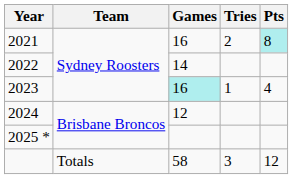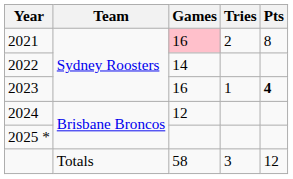 <table class="wikitable">
 <tr>
 <th>Year</th>
 <th>Team</th>
 <th>Games</th>
 <th>Tries</th>
 <th>Pts</th>
 </tr>
 <tr>
 <td>2021</td>
 <td rowspan="3"> <a href='#'>Sydney Roosters</a></td>
-<td>16</td>
+<td style="background: pink;">16</td>
 <td>2</td>
-<td style="background: paleturquoise;">8</td>
+<td>8</td>
 </tr>
 <tr>
 <td>2022</td>
 <td>14</td>
 <td></td>
 <td></td>
 </tr>
 <tr>
 <td>2023</td>
-<td style="background: paleturquoise;">16</td>
+<td>16</td>
 <td>1</td>
-<td>4</td>
+<td><strong>4</strong></td>
 </tr>
 <tr>
 <td>2024</td>
 <td rowspan="2"> <a href='#'>Brisbane Broncos</a></td>
 <td>12</td>
 <td></td>
 <td></td>
 </tr>
 <tr>
 <td>2025 *</td>
 <td></td>
 <td></td>
 <td></td>
 </tr>
 <tr>
 <td></td>
 <td>Totals</td>
 <td>58</td>
 <td>3</td>
 <td>12</td>
 </tr>
 </table>
